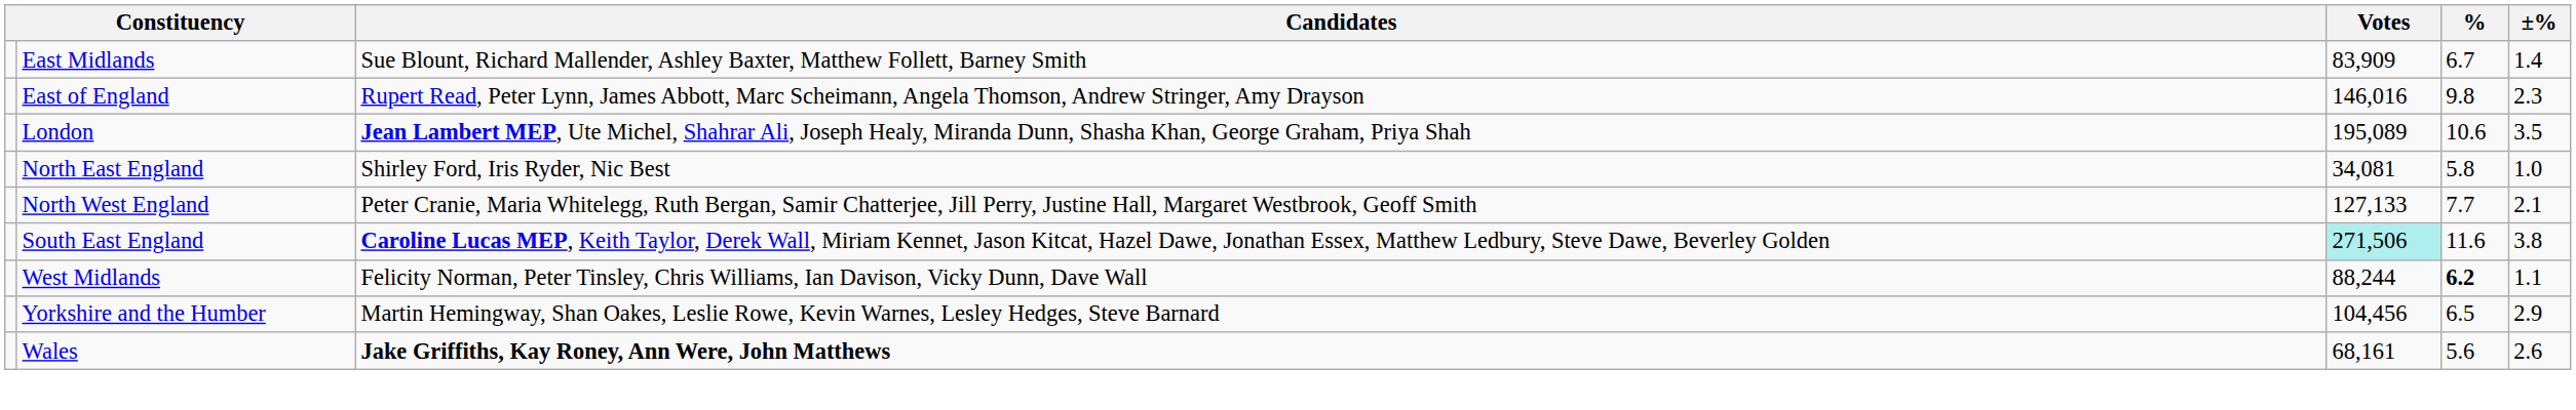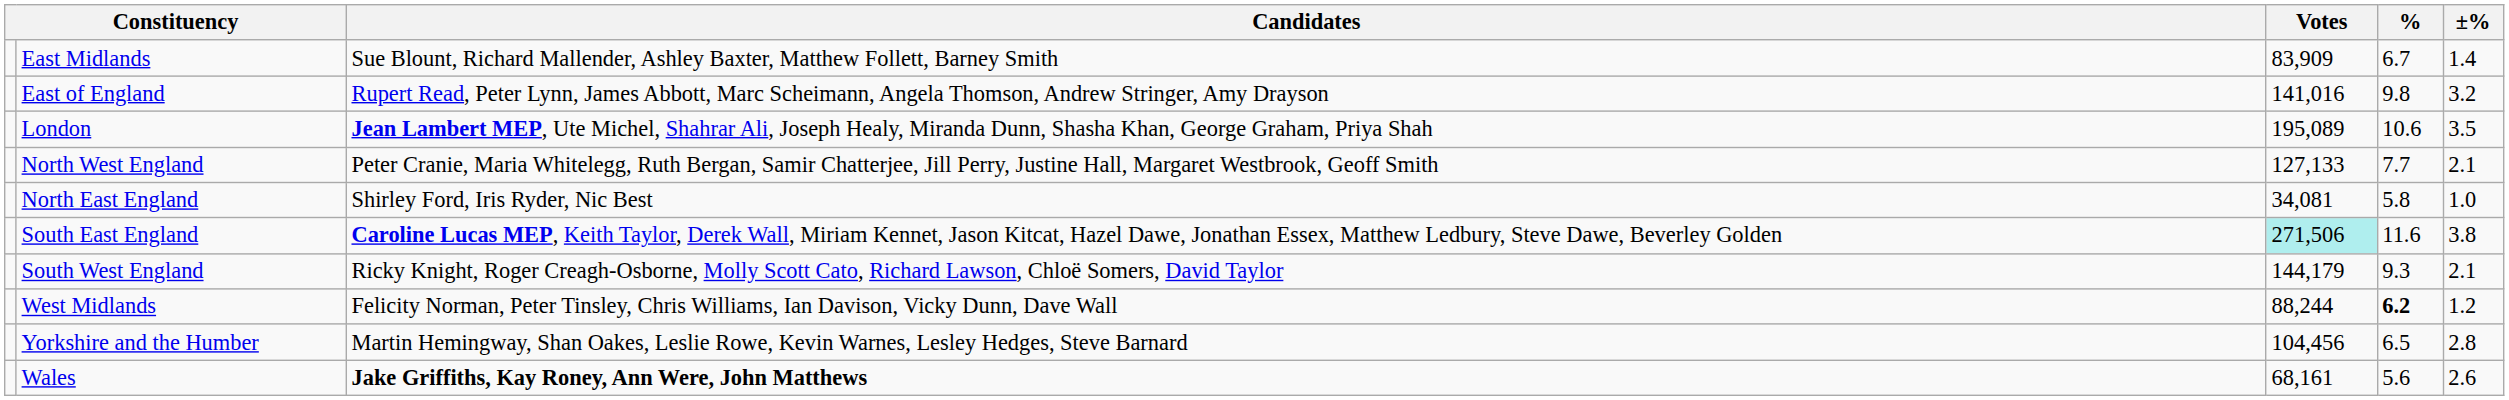 <table class="wikitable sortable" style="width:90%; height:175px;">
 <tr border="1" cellspacing="0" cellpadding="5">
 <th colspan="2">Constituency</th>
 <th>Candidates</th>
 <th>Votes</th>
 <th>%</th>
 <th>±%</th>
 </tr>
 <tr>
 <td width="1" style="color:inherit;background:"></td>
 <td><a href='#'>East Midlands</a></td>
 <td>Sue Blount, Richard Mallender, Ashley Baxter, Matthew Follett, Barney Smith</td>
 <td>83,909</td>
 <td>6.7</td>
 <td>1.4</td>
 </tr>
 <tr>
 <td style="color:inherit;background:"></td>
 <td><a href='#'>East of England</a></td>
 <td><a href='#'>Rupert Read</a>, Peter Lynn, James Abbott, Marc Scheimann, Angela Thomson, Andrew Stringer, Amy Drayson</td>
-<td>146,016</td>
+<td>141,016</td>
 <td>9.8</td>
-<td>2.3</td>
+<td>3.2</td>
 </tr>
 <tr>
 <td style="color:inherit;background:"></td>
 <td><a href='#'>London</a></td>
 <td><strong><a href='#'>Jean Lambert MEP</a></strong>, Ute Michel, <a href='#'>Shahrar Ali</a>, Joseph Healy, Miranda Dunn, Shasha Khan, George Graham, Priya Shah</td>
 <td>195,089</td>
 <td>10.6</td>
 <td>3.5</td>
 </tr>
 <tr>
 <td style="color:inherit;background:"></td>
+<td><a href='#'>North West England</a></td>
+<td>Peter Cranie, Maria Whitelegg, Ruth Bergan, Samir Chatterjee, Jill Perry, Justine Hall, Margaret Westbrook, Geoff Smith</td>
+<td>127,133</td>
+<td>7.7</td>
+<td>2.1</td>
+</tr>
+<tr>
+<td style="color:inherit;background:"></td>
 <td><a href='#'>North East England</a></td>
 <td>Shirley Ford, Iris Ryder, Nic Best</td>
 <td>34,081</td>
 <td>5.8</td>
 <td>1.0</td>
-</tr>
-<tr>
-<td style="color:inherit;background:"></td>
-<td><a href='#'>North West England</a></td>
-<td>Peter Cranie, Maria Whitelegg, Ruth Bergan, Samir Chatterjee, Jill Perry, Justine Hall, Margaret Westbrook, Geoff Smith</td>
-<td>127,133</td>
-<td>7.7</td>
-<td>2.1</td>
 </tr>
 <tr>
 <td style="color:inherit;background:"></td>
 <td><a href='#'>South East England</a></td>
 <td><strong><a href='#'>Caroline Lucas MEP</a></strong>, <a href='#'>Keith Taylor</a>, <a href='#'>Derek Wall</a>, Miriam Kennet, Jason Kitcat, Hazel Dawe, Jonathan Essex, Matthew Ledbury, Steve Dawe, Beverley Golden</td>
 <td style="background: paleturquoise;">271,506</td>
 <td>11.6</td>
 <td>3.8</td>
 </tr>
 <tr>
 <td style="color:inherit;background:"></td>
+<td><a href='#'>South West England</a></td>
+<td>Ricky Knight, Roger Creagh-Osborne, <a href='#'>Molly Scott Cato</a>, <a href='#'>Richard Lawson</a>, Chloë Somers, <a href='#'>David Taylor</a></td>
+<td>144,179</td>
+<td>9.3</td>
+<td>2.1</td>
+</tr>
+<tr>
+<td style="color:inherit;background:"></td>
 <td><a href='#'>West Midlands</a></td>
 <td>Felicity Norman, Peter Tinsley, Chris Williams, Ian Davison, Vicky Dunn, Dave Wall</td>
 <td>88,244</td>
 <td><strong>6.2</strong></td>
-<td>1.1</td>
+<td>1.2</td>
 </tr>
 <tr>
 <td style="color:inherit;background:"></td>
 <td><a href='#'>Yorkshire and the Humber</a></td>
 <td>Martin Hemingway, Shan Oakes, Leslie Rowe, Kevin Warnes, Lesley Hedges, Steve Barnard</td>
 <td>104,456</td>
 <td>6.5</td>
-<td>2.9</td>
+<td>2.8</td>
 </tr>
 <tr>
 <td style="color:inherit;background:"></td>
 <td><a href='#'>Wales</a></td>
 <td><strong>Jake Griffiths, Kay Roney, Ann Were, John Matthews</strong></td>
 <td>68,161</td>
 <td>5.6</td>
 <td>2.6</td>
 </tr>
 </table>
